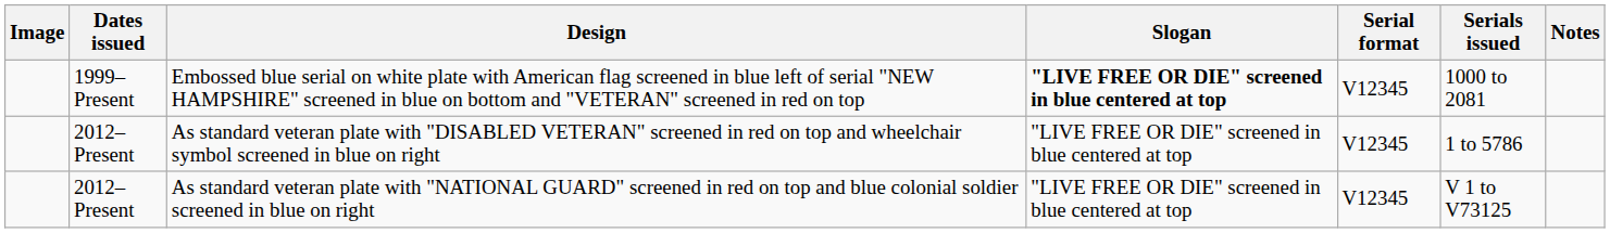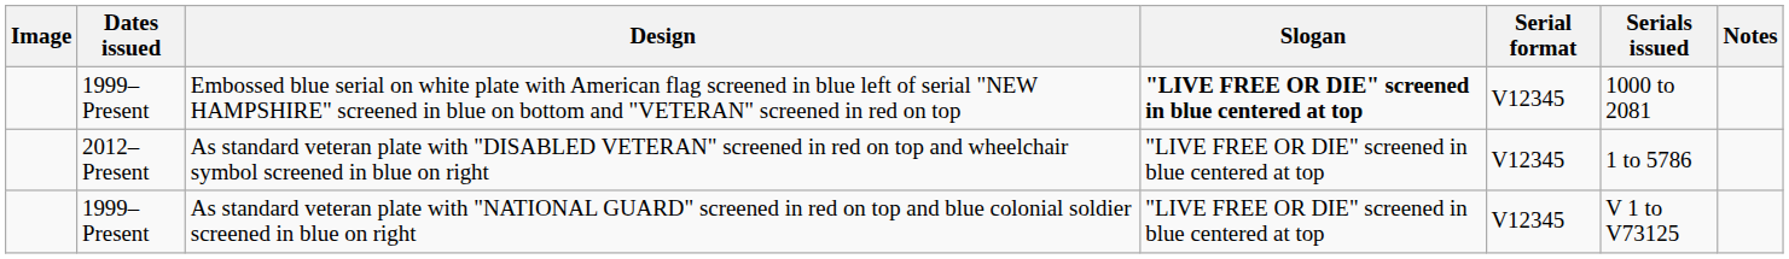 <table class="wikitable">
 <tr>
 <th>Image</th>
 <th>Dates issued</th>
 <th>Design</th>
 <th>Slogan</th>
 <th>Serial format</th>
 <th>Serials issued</th>
 <th>Notes</th>
 </tr>
 <tr>
 <td></td>
 <td>1999–Present</td>
 <td>Embossed blue serial on white plate with American flag screened in blue left of serial "NEW HAMPSHIRE" screened in blue on bottom and "VETERAN" screened in red on top</td>
 <td><strong>"LIVE FREE OR DIE" screened in blue centered at top</strong></td>
 <td>V12345</td>
 <td>1000 to 2081 </td>
 <td></td>
 </tr>
 <tr>
 <td></td>
 <td>2012–Present</td>
 <td>As standard veteran plate with "DISABLED VETERAN" screened in red on top and wheelchair symbol screened in blue on right</td>
 <td>"LIVE FREE OR DIE" screened in blue centered at top</td>
 <td>V12345</td>
 <td>1 to 5786 </td>
 <td></td>
 </tr>
 <tr>
 <td></td>
-<td>2012–Present</td>
+<td>1999–Present</td>
 <td>As standard veteran plate with "NATIONAL GUARD" screened in red on top and blue colonial soldier screened in blue on right</td>
 <td>"LIVE FREE OR DIE" screened in blue centered at top</td>
 <td>V12345</td>
 <td>V 1 to V73125 </td>
 <td></td>
 </tr>
 </table>
